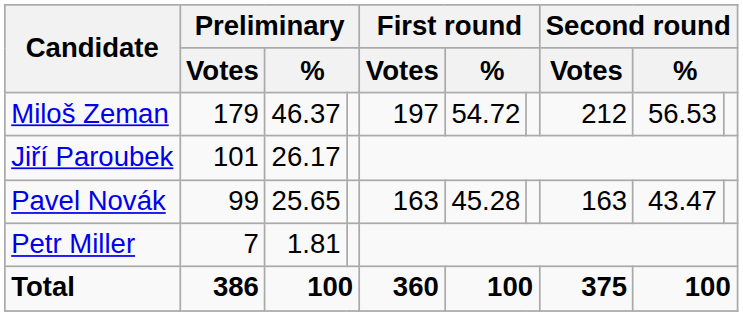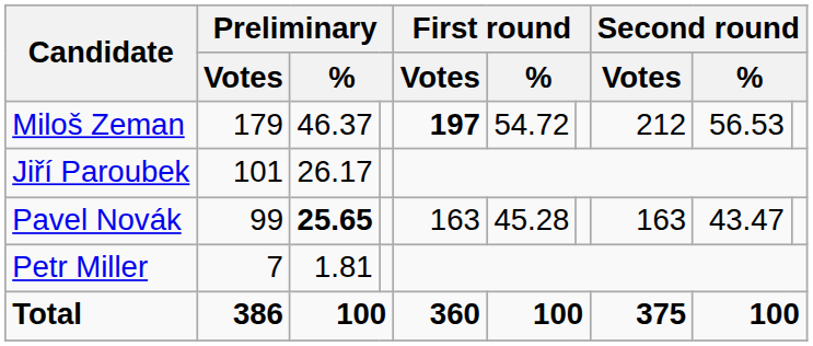 <table class=wikitable style=text-align:right>
 <tr>
 <th rowspan=2>Candidate</th>
 <th colspan=3>Preliminary</th>
 <th colspan=3>First round</th>
 <th colspan=3>Second round</th>
 </tr>
 <tr>
 <th>Votes</th>
 <th colspan=2>%</th>
 <th>Votes</th>
 <th colspan=2>%</th>
 <th>Votes</th>
 <th colspan=2>%</th>
 </tr>
 <tr>
 <td align=left><a href='#'>Miloš Zeman</a></td>
 <td>179</td>
 <td>46.37</td>
 <td></td>
-<td>197</td>
+<td><strong>197</strong></td>
 <td>54.72</td>
 <td></td>
 <td>212</td>
 <td>56.53</td>
 <td></td>
 </tr>
 <tr>
 <td align=left><a href='#'>Jiří Paroubek</a></td>
 <td>101</td>
 <td>26.17</td>
 <td></td>
 <td colspan=6></td>
 </tr>
 <tr>
 <td align=left><a href='#'>Pavel Novák</a></td>
 <td>99</td>
-<td>25.65</td>
+<td><strong>25.65</strong></td>
 <td></td>
 <td>163</td>
 <td>45.28</td>
 <td></td>
 <td>163</td>
 <td>43.47</td>
 <td></td>
 </tr>
 <tr>
 <td align=left><a href='#'>Petr Miller</a></td>
 <td>7</td>
 <td>1.81</td>
 <td></td>
 <td colspan=6></td>
 </tr>
 <tr>
 <td align=left><strong>Total</strong></td>
 <td><strong>386</strong></td>
 <td colspan=2><strong>100</strong></td>
 <td><strong>360</strong></td>
 <td colspan=2><strong>100</strong></td>
 <td><strong>375</strong></td>
 <td colspan=2><strong>100</strong></td>
 </tr>
 </table>
